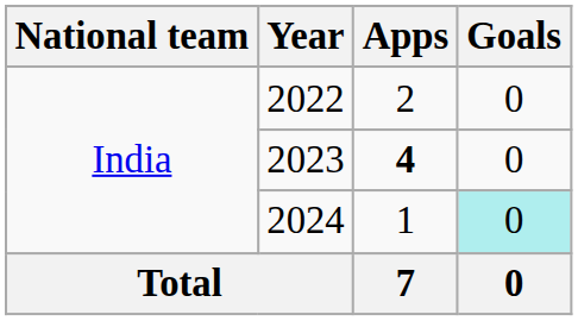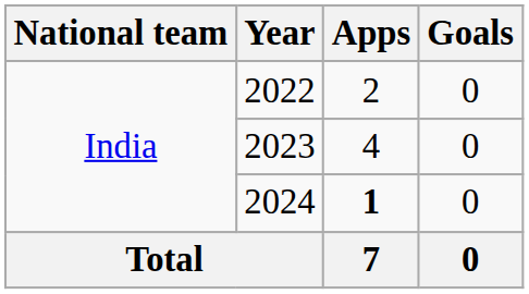 <table class="wikitable" style="text-align: center;">
 <tr>
 <th>National team</th>
 <th>Year</th>
 <th>Apps</th>
 <th>Goals</th>
 </tr>
 <tr>
 <td rowspan="3"><a href='#'>India</a></td>
 <td>2022</td>
 <td>2</td>
 <td>0</td>
 </tr>
 <tr>
 <td>2023</td>
-<td><strong>4</strong></td>
+<td>4</td>
 <td>0</td>
 </tr>
 <tr>
 <td>2024</td>
-<td>1</td>
-<td style="background: paleturquoise;">0</td>
+<td><strong>1</strong></td>
+<td>0</td>
 </tr>
 <tr>
 <th colspan="2">Total</th>
 <th>7</th>
 <th>0</th>
 </tr>
 </table>
